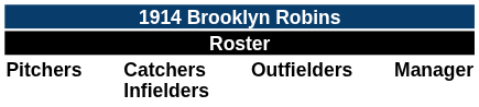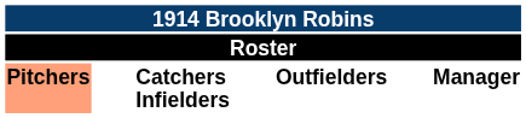 <table class="toccolours" style="font-size: 95%;">
 <tr>
 <th colspan="10" style="background-color: #083c6b; color: #FFFFFF; text-align: center;">1914 Brooklyn Robins</th>
 </tr>
 <tr>
 <td colspan="10" style="background-color: black; color: #FFFFFF; text-align: center;"><strong>Roster</strong></td>
 </tr>
 <tr>
-<td valign="top"><strong>Pitchers</strong><br>          </td>
+<td valign="top" style="background: lightsalmon;"><strong>Pitchers</strong><br>          </td>
 <td width="25px"></td>
 <td valign="top"><strong>Catchers</strong><br>    <strong>Infielders</strong>        </td>
 <td width="25px"></td>
 <td valign="top"><strong>Outfielders</strong><br>    </td>
 <td width="25px"></td>
 <td valign="top"><strong>Manager</strong><br></td>
 </tr>
 </table>
